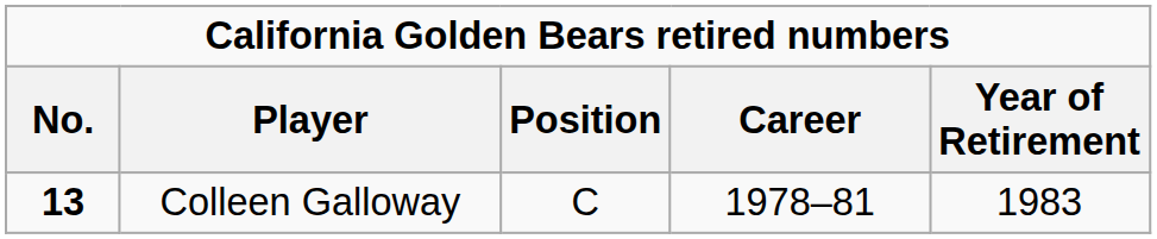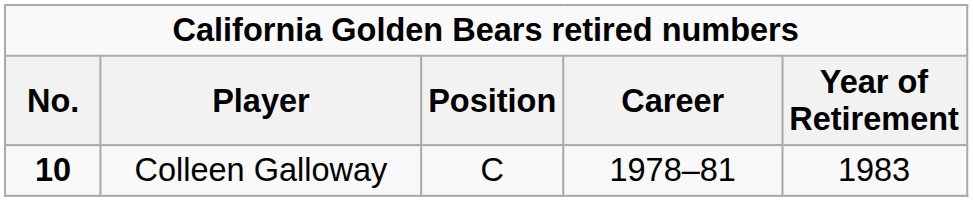 <table class="wikitable sortable" style="text-align:center">
 <tr>
 <td colspan="5"><strong> California Golden Bears retired numbers</strong></td>
 </tr>
 <tr>
 <th width=40px>No.</th>
 <th width=150px>Player</th>
 <th width=40px>Position</th>
 <th width=100px>Career</th>
 <th width=40px>Year of Retirement</th>
 </tr>
 <tr>
-<td><strong>13</strong></td>
+<td><strong>10</strong></td>
 <td>Colleen Galloway</td>
 <td>C</td>
 <td>1978–81</td>
 <td>1983</td>
 </tr>
 </table>
